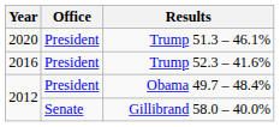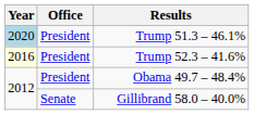 <table class=wikitable>
 <tr>
 <th width="30">Year</th>
 <th width="60">Office</th>
 <th width="180">Results</th>
 </tr>
 <tr>
-<td>2020</td>
+<td style="background: lightblue;">2020</td>
 <td><a href='#'>President</a></td>
 <td align="right" ><a href='#'>Trump</a> 51.3 – 46.1%</td>
 </tr>
 <tr>
-<td>2016</td>
+<td style="background: lightyellow;">2016</td>
 <td><a href='#'>President</a></td>
 <td align="right" ><a href='#'>Trump</a> 52.3 – 41.6%</td>
 </tr>
 <tr>
 <td rowspan="2">2012</td>
 <td><a href='#'>President</a></td>
 <td align="right" ><a href='#'>Obama</a> 49.7 – 48.4%</td>
 </tr>
 <tr>
 <td><a href='#'>Senate</a></td>
 <td align="right" ><a href='#'>Gillibrand</a> 58.0 – 40.0%</td>
 </tr>
 </table>
